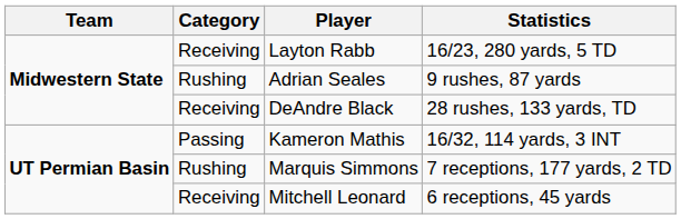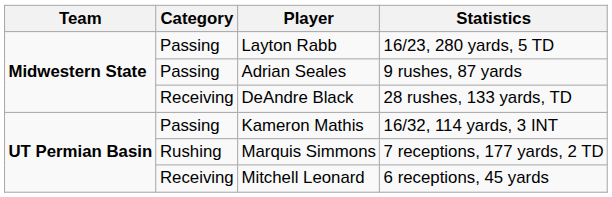 <table class="wikitable" style="float: left;">
 <tr>
 <th>Team</th>
 <th>Category</th>
 <th>Player</th>
 <th>Statistics</th>
 </tr>
 <tr>
 <td rowspan=3><strong>Midwestern State</strong></td>
-<td>Receiving</td>
+<td>Passing</td>
 <td>Layton Rabb</td>
 <td>16/23, 280 yards, 5 TD</td>
 </tr>
 <tr>
-<td>Rushing</td>
+<td>Passing</td>
 <td>Adrian Seales</td>
 <td>9 rushes, 87 yards</td>
 </tr>
 <tr>
 <td>Receiving</td>
 <td>DeAndre Black</td>
 <td>28 rushes, 133 yards, TD</td>
 </tr>
 <tr>
 <td rowspan=3><strong>UT Permian Basin</strong></td>
 <td>Passing</td>
 <td>Kameron Mathis</td>
 <td>16/32, 114 yards, 3 INT</td>
 </tr>
 <tr>
 <td>Rushing</td>
 <td>Marquis Simmons</td>
 <td>7 receptions, 177 yards, 2 TD</td>
 </tr>
 <tr>
 <td>Receiving</td>
 <td>Mitchell Leonard</td>
 <td>6 receptions, 45 yards</td>
 </tr>
 </table>
